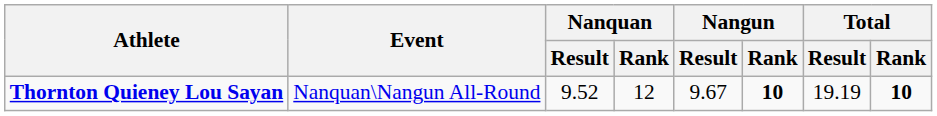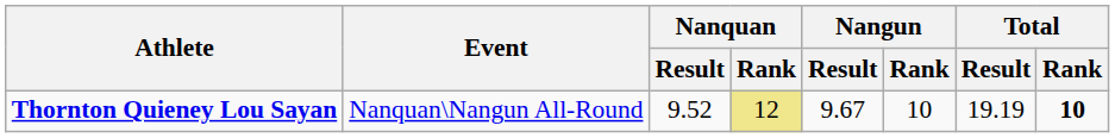 <table class=wikitable style="font-size:90%">
 <tr>
 <th rowspan="2">Athlete</th>
 <th rowspan="2">Event</th>
 <th colspan="2">Nanquan</th>
 <th colspan="2">Nangun</th>
 <th colspan="2">Total</th>
 </tr>
 <tr>
 <th>Result</th>
 <th>Rank</th>
 <th>Result</th>
 <th>Rank</th>
 <th>Result</th>
 <th>Rank</th>
 </tr>
 <tr>
 <td><strong><a href='#'>Thornton Quieney Lou Sayan</a></strong></td>
 <td><a href='#'>Nanquan\Nangun All-Round</a></td>
 <td align=center>9.52</td>
-<td align=center>12</td>
+<td align=center style="background: khaki;">12</td>
 <td align=center>9.67</td>
-<td align=center><strong>10</strong></td>
+<td align=center>10</td>
 <td align=center>19.19</td>
 <td align=center><strong>10</strong></td>
 </tr>
 </table>
